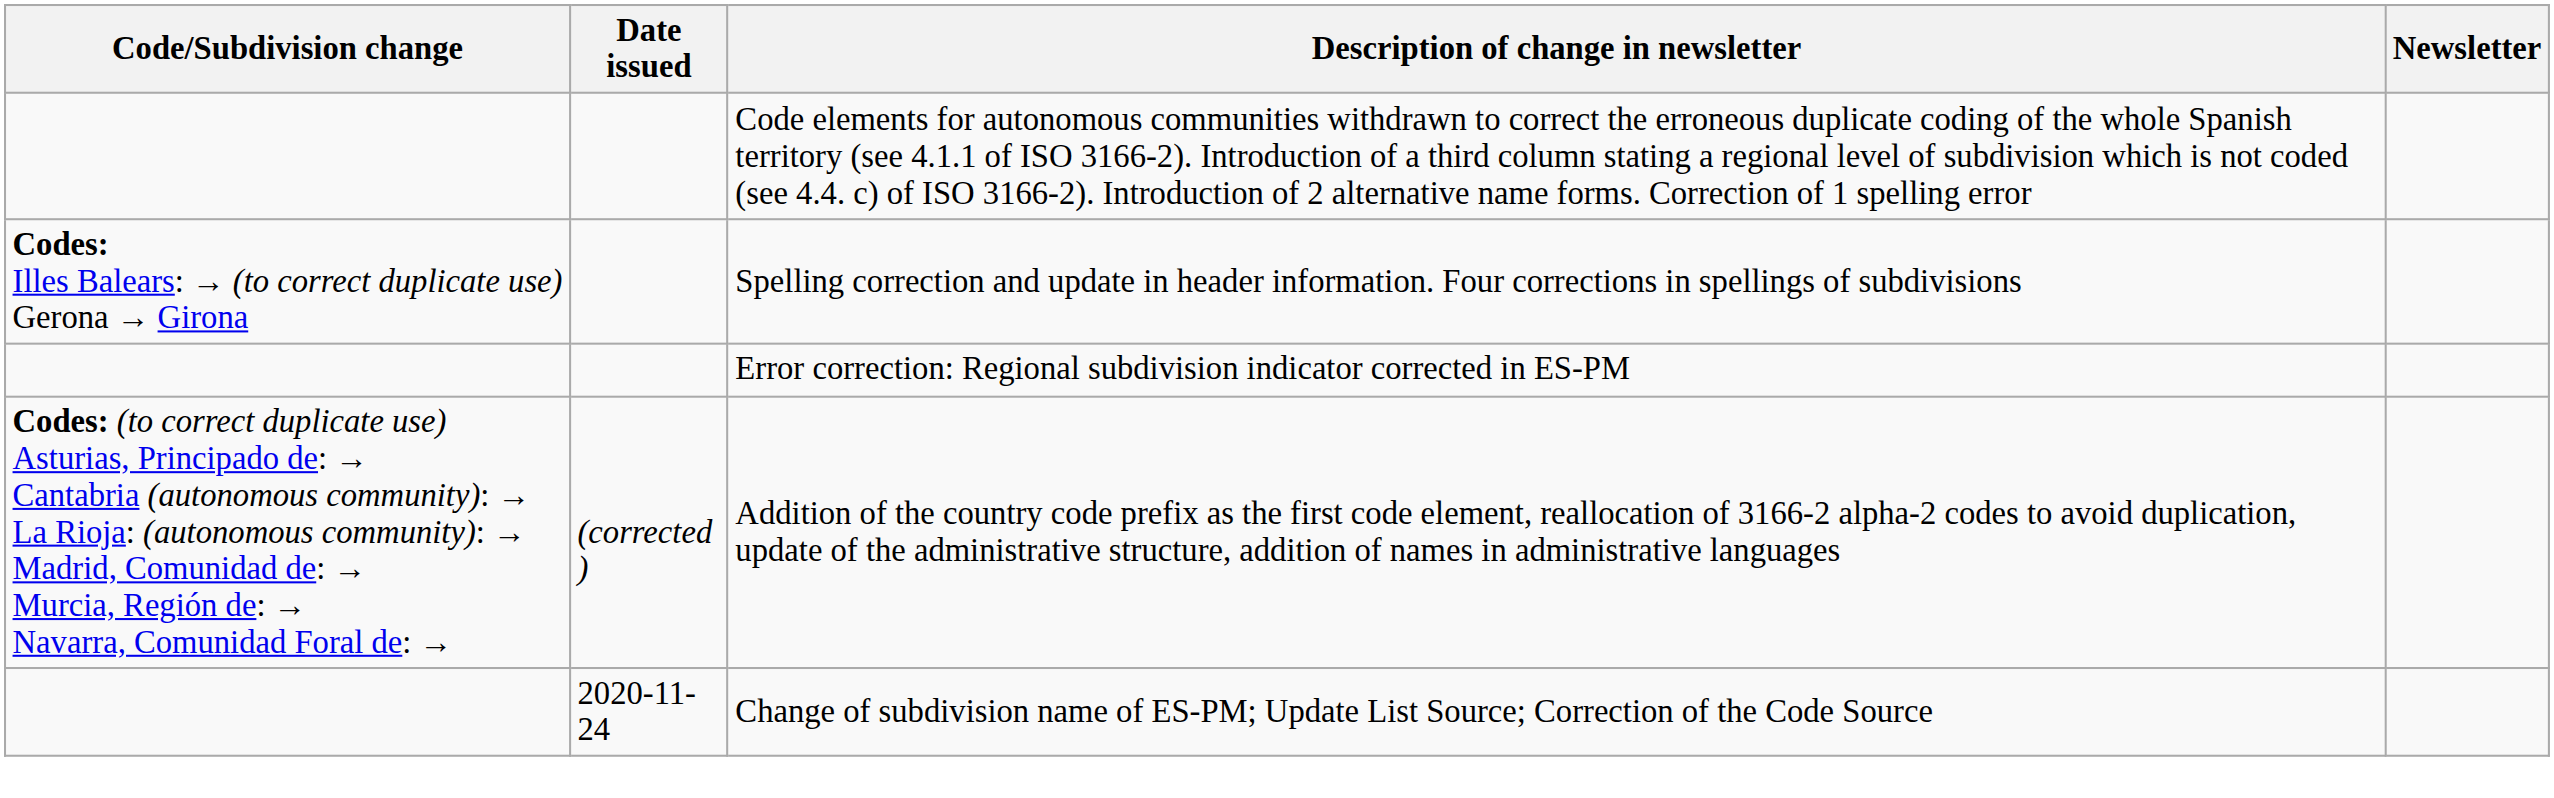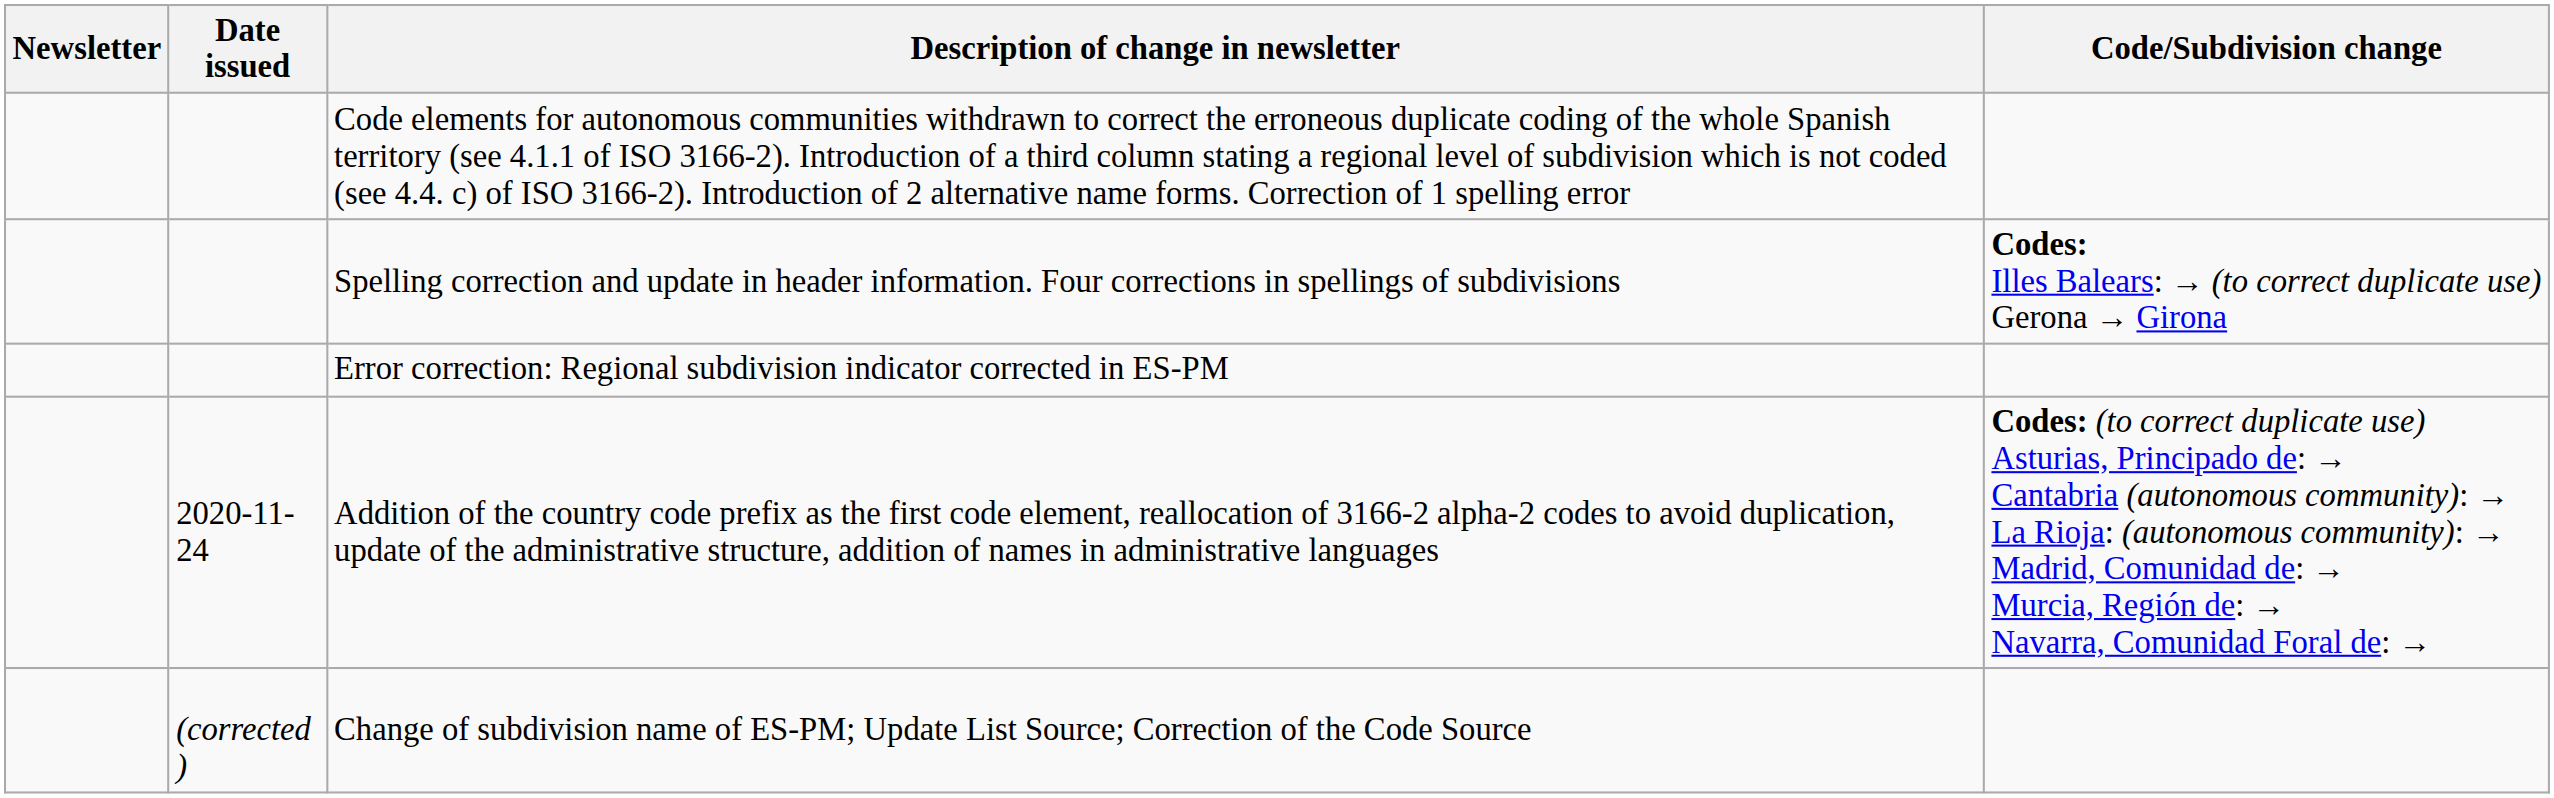 <table class="wikitable">
 <tr>
-<th>Code/Subdivision change</th>
+<th>Newsletter</th>
 <th>Date issued</th>
 <th>Description of change in newsletter</th>
-<th>Newsletter</th>
+<th>Code/Subdivision change</th>
+</tr>
+<tr>
+<td id="I-1"></td>
+<td></td>
+<td>Code elements for autonomous communities withdrawn to correct the erroneous duplicate coding of the whole Spanish territory (see 4.1.1 of ISO 3166-2). Introduction of a third column stating a regional level of subdivision which is not coded (see 4.4. c) of ISO 3166-2). Introduction of 2 alternative name forms. Correction of 1 spelling error</td>
+<td></td>
+</tr>
+<tr>
+<td id="I-2"></td>
+<td></td>
+<td>Spelling correction and update in header information. Four corrections in spellings of subdivisions</td>
+<td style=white-space:nowrap><strong>Codes:</strong><br> <a href='#'>Illes Balears</a>:  →  <em>(to correct duplicate use)</em><br>  Gerona →  <a href='#'>Girona</a></td>
+</tr>
+<tr>
+<td id="I-4"></td>
+<td></td>
+<td>Error correction: Regional subdivision indicator corrected in ES-PM</td>
+<td></td>
+</tr>
+<tr>
+<td id="II-1"></td>
+<td>2020-11-24</td>
+<td>Addition of the country code prefix as the first code element, reallocation of 3166-2 alpha-2 codes to avoid duplication, update of the administrative structure, addition of names in administrative languages</td>
+<td style=white-space:nowrap><strong>Codes:</strong> <em>(to correct duplicate use)</em><br> <a href='#'>Asturias, Principado de</a>:  → <br> <a href='#'>Cantabria</a> <em>(autonomous community)</em>:  → <br> <a href='#'>La Rioja</a>: <em>(autonomous community)</em>:  → <br> <a href='#'>Madrid, Comunidad de</a>:  → <br> <a href='#'>Murcia, Región de</a>:  → <br> <a href='#'>Navarra, Comunidad Foral de</a>:  → </td>
 </tr>
 <tr>
 <td></td>
-<td></td>
-<td>Code elements for autonomous communities withdrawn to correct the erroneous duplicate coding of the whole Spanish territory (see 4.1.1 of ISO 3166-2). Introduction of a third column stating a regional level of subdivision which is not coded (see 4.4. c) of ISO 3166-2). Introduction of 2 alternative name forms. Correction of 1 spelling error</td>
-<td id="I-1"></td>
-</tr>
-<tr>
-<td style=white-space:nowrap><strong>Codes:</strong><br> <a href='#'>Illes Balears</a>:  →  <em>(to correct duplicate use)</em><br>  Gerona →  <a href='#'>Girona</a></td>
-<td></td>
-<td>Spelling correction and update in header information. Four corrections in spellings of subdivisions</td>
-<td id="I-2"></td>
-</tr>
-<tr>
-<td></td>
-<td></td>
-<td>Error correction: Regional subdivision indicator corrected in ES-PM</td>
-<td id="I-4"></td>
-</tr>
-<tr>
-<td style=white-space:nowrap><strong>Codes:</strong> <em>(to correct duplicate use)</em><br> <a href='#'>Asturias, Principado de</a>:  → <br> <a href='#'>Cantabria</a> <em>(autonomous community)</em>:  → <br> <a href='#'>La Rioja</a>: <em>(autonomous community)</em>:  → <br> <a href='#'>Madrid, Comunidad de</a>:  → <br> <a href='#'>Murcia, Región de</a>:  → <br> <a href='#'>Navarra, Comunidad Foral de</a>:  → </td>
 <td><br> <em>(corrected<br> )</em></td>
-<td>Addition of the country code prefix as the first code element, reallocation of 3166-2 alpha-2 codes to avoid duplication, update of the administrative structure, addition of names in administrative languages</td>
-<td id="II-1"></td>
-</tr>
-<tr>
-<td></td>
-<td>2020-11-24</td>
 <td>Change of subdivision name of ES-PM; Update List Source; Correction of the Code Source</td>
 <td></td>
 </tr>
 </table>
